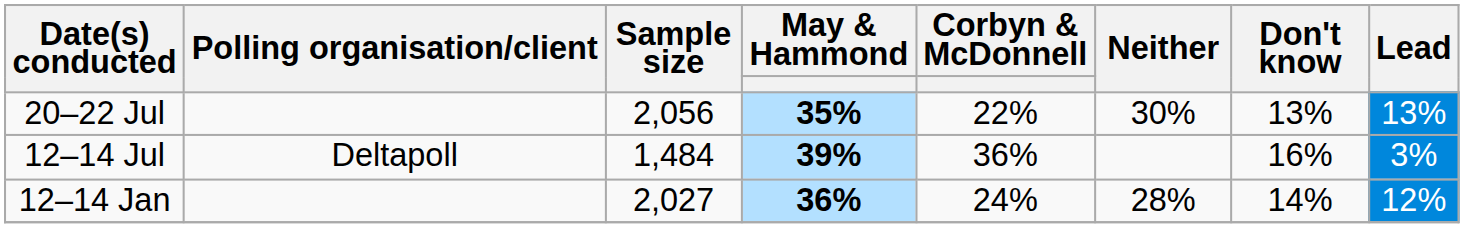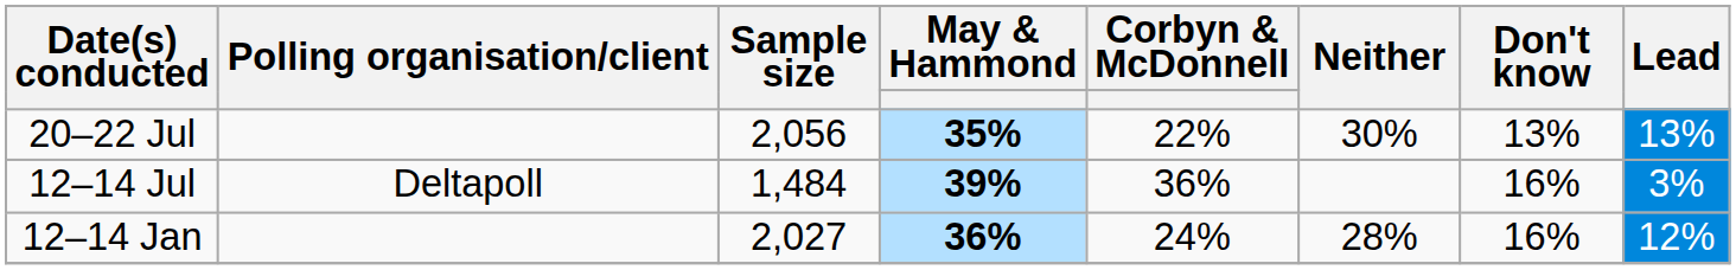 <table class="wikitable sortable" style="text-align:center;line-height:14px">
 <tr>
 <th style="width:80px;" rowspan="2">Date(s)<br>conducted</th>
 <th style="width:200px;" rowspan="2">Polling organisation/client</th>
 <th style="width:60px;" rowspan="2">Sample size</th>
 <th style="width:60px;" class="unsortable">May & Hammond</th>
 <th style="width:60px;" class="unsortable">Corbyn & McDonnell</th>
 <th style="width:60px;" rowspan="2" class="unsortable">Neither</th>
 <th style="width:60px;" rowspan="2" class="unsortable">Don't know</th>
 <th class="unsortable" style="width:20px;" rowspan="2">Lead</th>
 </tr>
 <tr>
 <th class="unsortable" style="color:inherit;background:"></th>
 <th class="unsortable" style="color:inherit;background:"></th>
 </tr>
 <tr>
 <td>20–22 Jul</td>
 <td></td>
 <td>2,056</td>
 <td style="background:#B3E0FF"><strong>35%</strong></td>
 <td>22%</td>
 <td>30%</td>
 <td>13%</td>
 <td style="background:#0087DC; color:white;">13%</td>
 </tr>
 <tr>
 <td>12–14 Jul</td>
 <td>Deltapoll</td>
 <td>1,484</td>
 <td style="background:#B3E0FF"><strong>39%</strong></td>
 <td>36%</td>
 <td></td>
 <td>16%</td>
 <td style="background:#0087DC; color:white;">3%</td>
 </tr>
 <tr>
 <td>12–14 Jan</td>
 <td></td>
 <td>2,027</td>
 <td style="background:#B3E0FF"><strong>36%</strong></td>
 <td>24%</td>
 <td>28%</td>
-<td>14%</td>
+<td>16%</td>
 <td style="background:#0087DC; color:white;">12%</td>
 </tr>
 <tr>
 </tr>
 </table>
